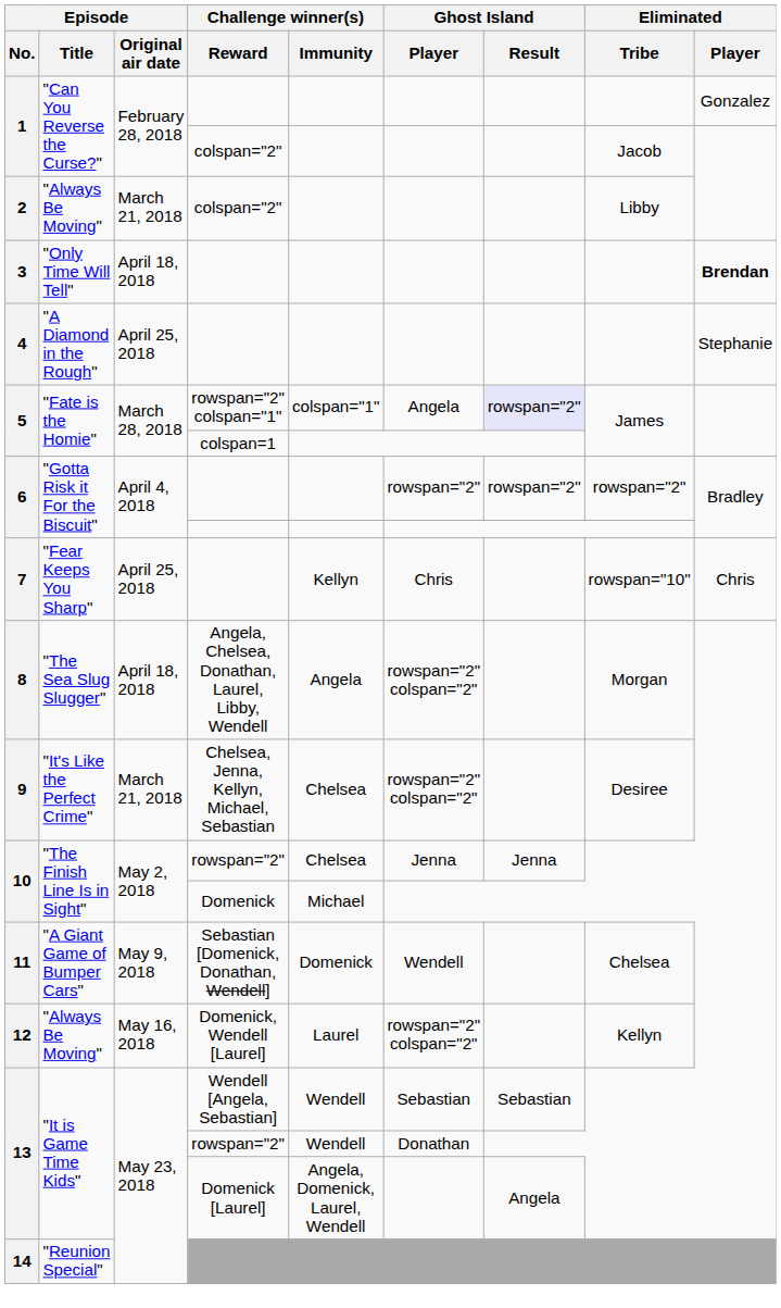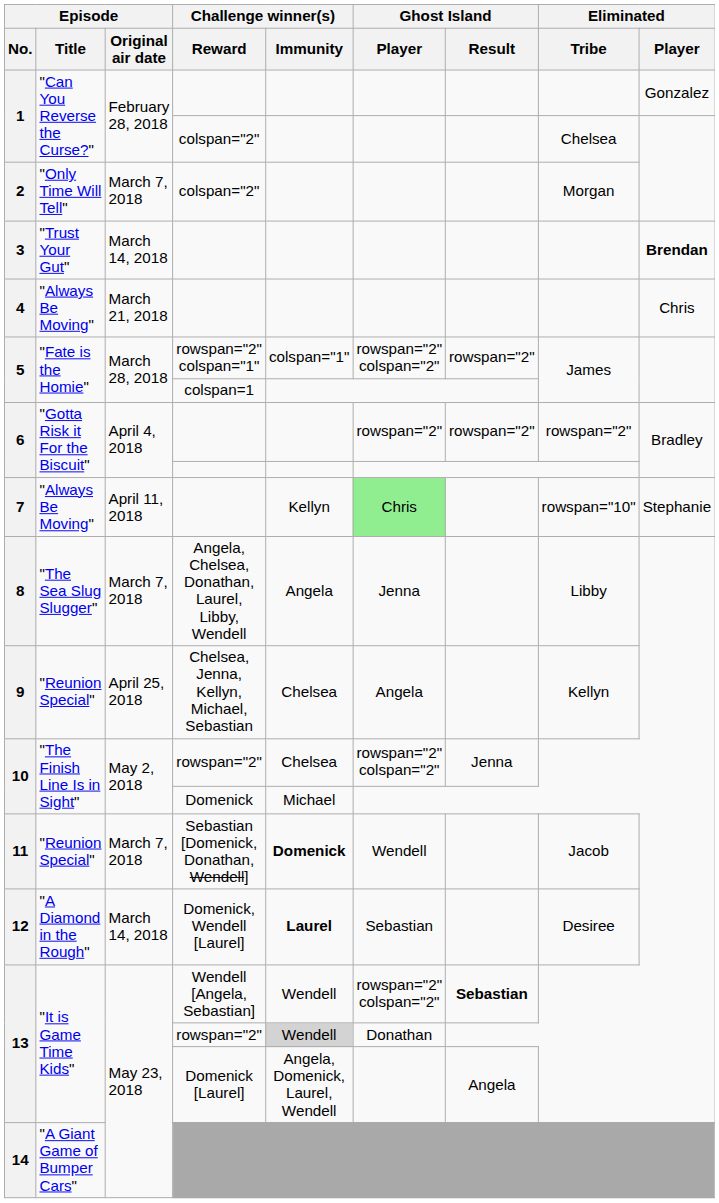 <table class="wikitable plainrowheaders nowrap" style="margin:auto; text-align:center">
 <tr>
 <th scope="col" colspan="3">Episode</th>
 <th scope="col" colspan="2">Challenge winner(s)</th>
 <th scope="col" colspan="2">Ghost Island</th>
 <th scope="col" colspan="2">Eliminated</th>
 </tr>
 <tr>
 <th scope="col">No.</th>
 <th scope="col">Title</th>
 <th scope="col">Original air date</th>
 <th scope="col">Reward</th>
 <th scope="col">Immunity</th>
 <th scope="col">Player</th>
 <th scope="col">Result</th>
 <th scope="col">Tribe</th>
 <th scope="col">Player</th>
 </tr>
 <tr>
 <th rowspan="2">1</th>
 <td scope="row" rowspan="2" align="left">"<a href='#'>Can You Reverse the Curse?</a>"</td>
 <td rowspan="2" align="left">February 28, 2018</td>
 <td></td>
 <td></td>
 <td></td>
 <td></td>
 <td></td>
 <td>Gonzalez</td>
 </tr>
 <tr>
 <td>colspan="2" </td>
 <td></td>
 <td></td>
 <td></td>
-<td>Jacob</td>
+<td>Chelsea</td>
 </tr>
 <tr>
 <th>2</th>
-<td align="left">"<a href='#'>Always Be Moving</a>"</td>
-<td align="left">March 21, 2018</td>
+<td scope="row" align="left">"<a href='#'>Only Time Will Tell</a>"</td>
+<td align="left">March 7, 2018</td>
 <td>colspan="2" </td>
 <td></td>
 <td></td>
 <td></td>
-<td>Libby</td>
+<td>Morgan</td>
 </tr>
 <tr>
 <th>3</th>
-<td scope="row" align="left">"<a href='#'>Only Time Will Tell</a>"</td>
-<td align="left">April 18, 2018</td>
+<td scope="row" align="left">"<a href='#'>Trust Your Gut</a>"</td>
+<td align="left">March 14, 2018</td>
 <td></td>
 <td></td>
 <td></td>
 <td></td>
 <td></td>
 <td><strong>Brendan</strong></td>
 </tr>
 <tr>
 <th>4</th>
-<td scope="row" align="left">"<a href='#'>A Diamond in the Rough</a>"</td>
-<td align="left">April 25, 2018</td>
+<td align="left">"<a href='#'>Always Be Moving</a>"</td>
+<td align="left">March 21, 2018</td>
 <td></td>
 <td></td>
 <td></td>
 <td></td>
 <td></td>
-<td>Stephanie</td>
+<td>Chris</td>
 </tr>
 <tr>
 <th rowspan="2">5</th>
 <td align="left" rowspan="2">"<a href='#'>Fate is the Homie</a>"</td>
 <td align="left" rowspan="2">March 28, 2018</td>
 <td>rowspan="2" colspan="1" </td>
 <td>colspan="1" </td>
-<td>Angela</td>
-<td style="background: lavender;">rowspan="2" </td>
+<td>rowspan="2" colspan="2" </td>
+<td>rowspan="2" </td>
 <td rowspan="2">James</td>
 </tr>
 <tr>
 <td>colspan=1 </td>
 </tr>
 <tr>
 <th rowspan="2">6</th>
 <td align="left" rowspan=2>"<a href='#'>Gotta Risk it For the Biscuit</a>"</td>
 <td align="left" rowspan=2>April 4, 2018</td>
 <td></td>
 <td></td>
 <td>rowspan="2" </td>
 <td>rowspan="2" </td>
 <td>rowspan="2" </td>
 <td rowspan="2">Bradley</td>
 </tr>
 <tr>
 <td></td>
 <td></td>
 </tr>
 <tr>
 <th>7</th>
-<td scope="row" align="left">"<a href='#'>Fear Keeps You Sharp</a>"</td>
-<td align="left">April 25, 2018</td>
+<td align="left">"<a href='#'>Always Be Moving</a>"</td>
+<td align="left">April 11, 2018</td>
 <td></td>
 <td>Kellyn</td>
-<td>Chris</td>
+<td style="background: lightgreen;">Chris</td>
 <td></td>
 <td>rowspan="10" </td>
-<td>Chris</td>
+<td>Stephanie</td>
 </tr>
 <tr>
 <th>8</th>
 <td scope="row" align="left">"<a href='#'>The Sea Slug Slugger</a>"</td>
-<td align="left">April 18, 2018</td>
+<td align="left">March 7, 2018</td>
 <td>Angela, Chelsea,<br>Donathan, Laurel,<br>Libby, Wendell</td>
 <td>Angela</td>
-<td>rowspan="2" colspan="2" </td>
+<td>Jenna</td>
 <td></td>
-<td>Morgan</td>
+<td>Libby</td>
 </tr>
 <tr>
 <th>9</th>
-<td scope="row" align="left">"<a href='#'>It's Like the Perfect Crime</a>"</td>
-<td align="left">March 21, 2018</td>
+<td align="left">"<a href='#'>Reunion Special</a>"</td>
+<td align="left">April 25, 2018</td>
 <td>Chelsea,<br>Jenna, Kellyn,<br>Michael, Sebastian</td>
 <td>Chelsea</td>
-<td>rowspan="2" colspan="2" </td>
+<td>Angela</td>
 <td></td>
-<td>Desiree</td>
+<td>Kellyn</td>
 </tr>
 <tr>
 <th rowspan="2">10</th>
 <td rowspan="2" align="left">"<a href='#'>The Finish Line Is in Sight</a>"</td>
 <td rowspan="2" align="left">May 2, 2018</td>
 <td>rowspan="2" </td>
 <td>Chelsea</td>
-<td>Jenna</td>
+<td>rowspan="2" colspan="2" </td>
 <td>Jenna</td>
 </tr>
 <tr>
 <td>Domenick</td>
 <td>Michael</td>
 </tr>
 <tr>
 <th>11</th>
-<td align="left">"<a href='#'>A Giant Game of Bumper Cars</a>"</td>
-<td align="left">May 9, 2018</td>
+<td align="left">"<a href='#'>Reunion Special</a>"</td>
+<td align="left">March 7, 2018</td>
 <td>Sebastian<br>[Domenick, Donathan,<br><s>Wendell</s>]</td>
-<td>Domenick</td>
+<td><strong>Domenick</strong></td>
 <td>Wendell</td>
 <td></td>
-<td>Chelsea</td>
+<td>Jacob</td>
 </tr>
 <tr>
 <th>12</th>
-<td align="left">"<a href='#'>Always Be Moving</a>"</td>
-<td align="left">May 16, 2018</td>
+<td scope="row" align="left">"<a href='#'>A Diamond in the Rough</a>"</td>
+<td align="left">March 14, 2018</td>
 <td>Domenick, Wendell<br>[Laurel]</td>
-<td>Laurel</td>
-<td>rowspan="2" colspan="2" </td>
+<td><strong>Laurel</strong></td>
+<td>Sebastian</td>
 <td></td>
-<td>Kellyn</td>
+<td>Desiree</td>
 </tr>
 <tr>
 <th rowspan="4">13</th>
 <td rowspan="4" align="left">"<a href='#'>It is Game Time Kids</a>"</td>
 <td rowspan="5" align="left">May 23, 2018</td>
 <td>Wendell<br>[Angela, Sebastian]</td>
 <td>Wendell</td>
-<td>Sebastian</td>
-<td>Sebastian</td>
+<td>rowspan="2" colspan="2" </td>
+<td><strong>Sebastian</strong></td>
 </tr>
 <tr>
 <td>rowspan="2" </td>
-<td>Wendell</td>
+<td style="background: lightgrey;">Wendell</td>
 <td>Donathan</td>
 </tr>
 <tr>
 <td>Domenick<br>[Laurel]</td>
 <td>Angela, Domenick,<br>Laurel, Wendell</td>
 <td></td>
 <td>Angela</td>
 </tr>
 <tr>
 <td colspan="6" rowspan="2" bgcolor="darkgray"></td>
 </tr>
 <tr>
 <th>14</th>
-<td align="left">"<a href='#'>Reunion Special</a>"</td>
+<td align="left">"<a href='#'>A Giant Game of Bumper Cars</a>"</td>
 </tr>
 </table>
